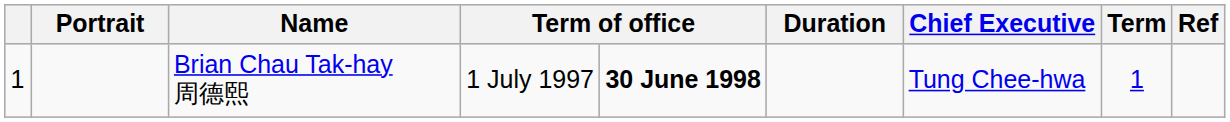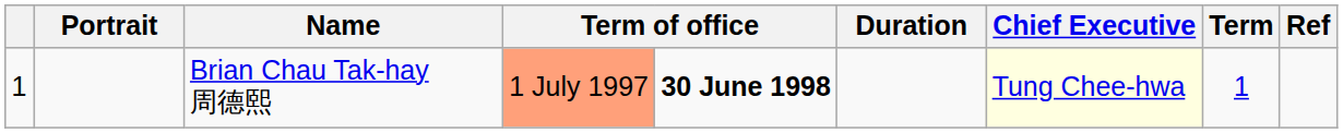 <table class="wikitable"  style="text-align:left">
 <tr>
 <th width=10px></th>
 <th width=80px>Portrait</th>
 <th width=180px>Name</th>
 <th width=180px colspan=2>Term of office</th>
 <th width=80px>Duration</th>
 <th width=120px><a href='#'>Chief Executive</a></th>
 <th>Term</th>
 <th>Ref</th>
 </tr>
 <tr>
 <td bgcolor=>1</td>
 <td></td>
 <td><a href='#'>Brian Chau Tak-hay</a><br>周德熙</td>
-<td>1 July 1997</td>
+<td style="background: lightsalmon;">1 July 1997</td>
 <td><strong>30 June 1998</strong></td>
 <td></td>
-<td><a href='#'>Tung Chee-hwa</a><br></td>
+<td style="background: lightyellow;"><a href='#'>Tung Chee-hwa</a><br></td>
 <td align=center><a href='#'>1</a></td>
 <td></td>
 </tr>
 </table>
